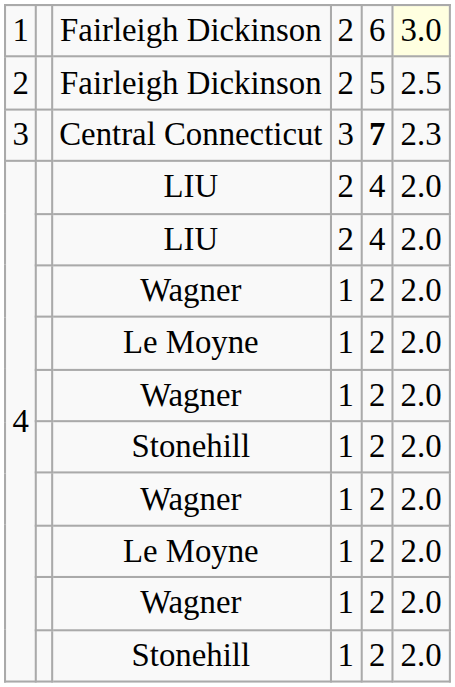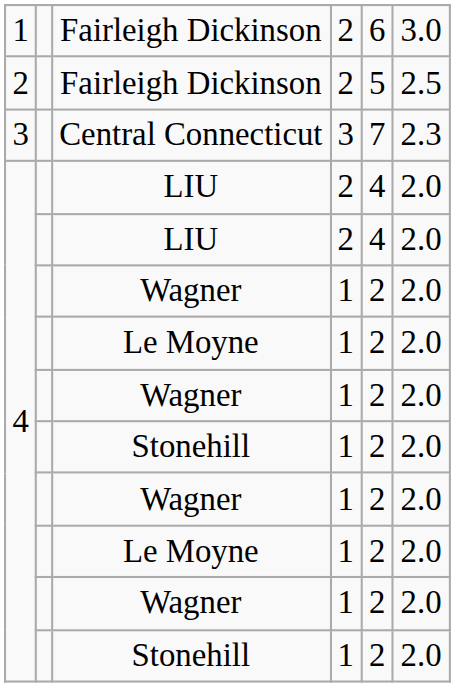 <table class="wikitable sortable" style="text-align:center">
 <tr>
 </tr>
 <tr>
 <td>1</td>
 <td></td>
 <td>Fairleigh Dickinson</td>
 <td>2</td>
 <td>6</td>
-<td style="background: lightyellow;">3.0</td>
+<td>3.0</td>
 </tr>
 <tr>
 <td>2</td>
 <td></td>
 <td>Fairleigh Dickinson</td>
 <td>2</td>
 <td>5</td>
 <td>2.5</td>
 </tr>
 <tr>
 <td>3</td>
 <td></td>
 <td>Central Connecticut</td>
 <td>3</td>
-<td><strong>7</strong></td>
+<td>7</td>
 <td>2.3</td>
 </tr>
 <tr>
 <td rowspan="10">4</td>
 <td></td>
 <td>LIU</td>
 <td>2</td>
 <td>4</td>
 <td>2.0</td>
 </tr>
 <tr>
 <td></td>
 <td>LIU</td>
 <td>2</td>
 <td>4</td>
 <td>2.0</td>
 </tr>
 <tr>
 <td></td>
 <td>Wagner</td>
 <td>1</td>
 <td>2</td>
 <td>2.0</td>
 </tr>
 <tr>
 <td></td>
 <td>Le Moyne</td>
 <td>1</td>
 <td>2</td>
 <td>2.0</td>
 </tr>
 <tr>
 <td></td>
 <td>Wagner</td>
 <td>1</td>
 <td>2</td>
 <td>2.0</td>
 </tr>
 <tr>
 <td></td>
 <td>Stonehill</td>
 <td>1</td>
 <td>2</td>
 <td>2.0</td>
 </tr>
 <tr>
 <td></td>
 <td>Wagner</td>
 <td>1</td>
 <td>2</td>
 <td>2.0</td>
 </tr>
 <tr>
 <td></td>
 <td>Le Moyne</td>
 <td>1</td>
 <td>2</td>
 <td>2.0</td>
 </tr>
 <tr>
 <td></td>
 <td>Wagner</td>
 <td>1</td>
 <td>2</td>
 <td>2.0</td>
 </tr>
 <tr>
 <td></td>
 <td>Stonehill</td>
 <td>1</td>
 <td>2</td>
 <td>2.0</td>
 </tr>
 </table>
